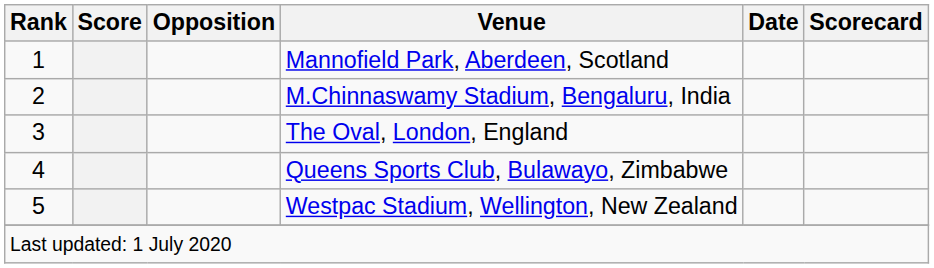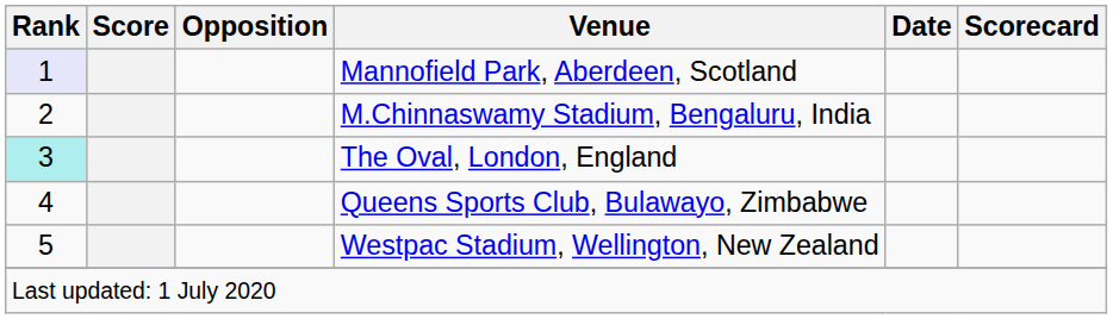 <table class="wikitable plainrowheaders sortable">
 <tr>
 <th scope=col>Rank</th>
 <th scope=col>Score</th>
 <th scope=col>Opposition</th>
 <th scope=col>Venue</th>
 <th scope=col>Date</th>
 <th scope=col>Scorecard</th>
 </tr>
 <tr>
-<td align=center>1</td>
+<td align=center style="background: lavender;">1</td>
 <th scope=row style=text-align:center;></th>
 <td></td>
 <td><a href='#'>Mannofield Park</a>, <a href='#'>Aberdeen</a>, Scotland</td>
 <td></td>
 <td></td>
 </tr>
 <tr>
 <td align=center>2</td>
 <th scope=row style=text-align:center;></th>
 <td></td>
 <td><a href='#'>M.Chinnaswamy Stadium</a>, <a href='#'>Bengaluru</a>, India</td>
 <td></td>
 <td></td>
 </tr>
 <tr>
-<td align=center>3</td>
+<td align=center style="background: paleturquoise;">3</td>
 <th scope=row style=text-align:center;></th>
 <td></td>
 <td><a href='#'>The Oval</a>, <a href='#'>London</a>, England</td>
 <td></td>
 <td></td>
 </tr>
 <tr>
 <td align=center>4</td>
 <th scope=row style=text-align:center;></th>
 <td></td>
 <td><a href='#'>Queens Sports Club</a>, <a href='#'>Bulawayo</a>, Zimbabwe</td>
 <td></td>
 <td></td>
 </tr>
 <tr>
 <td align=center>5</td>
 <th scope=row style=text-align:center;></th>
 <td></td>
 <td><a href='#'>Westpac Stadium</a>, <a href='#'>Wellington</a>, New Zealand</td>
 <td> </td>
 <td></td>
 </tr>
 <tr>
 </tr>
 <tr class=sortbottom>
 <td colspan=6><small>Last updated: 1 July 2020</small></td>
 </tr>
 </table>
